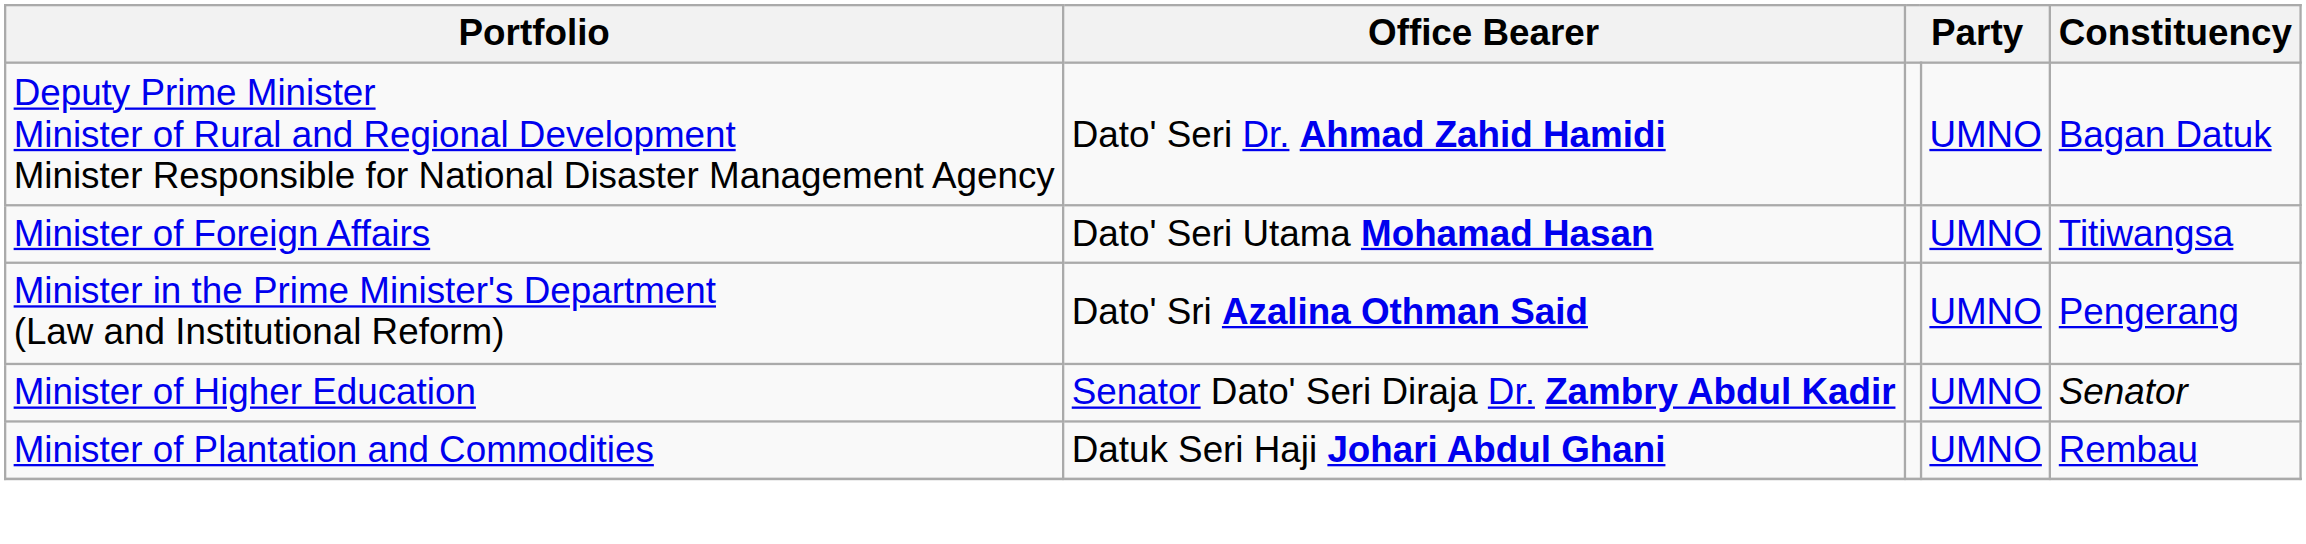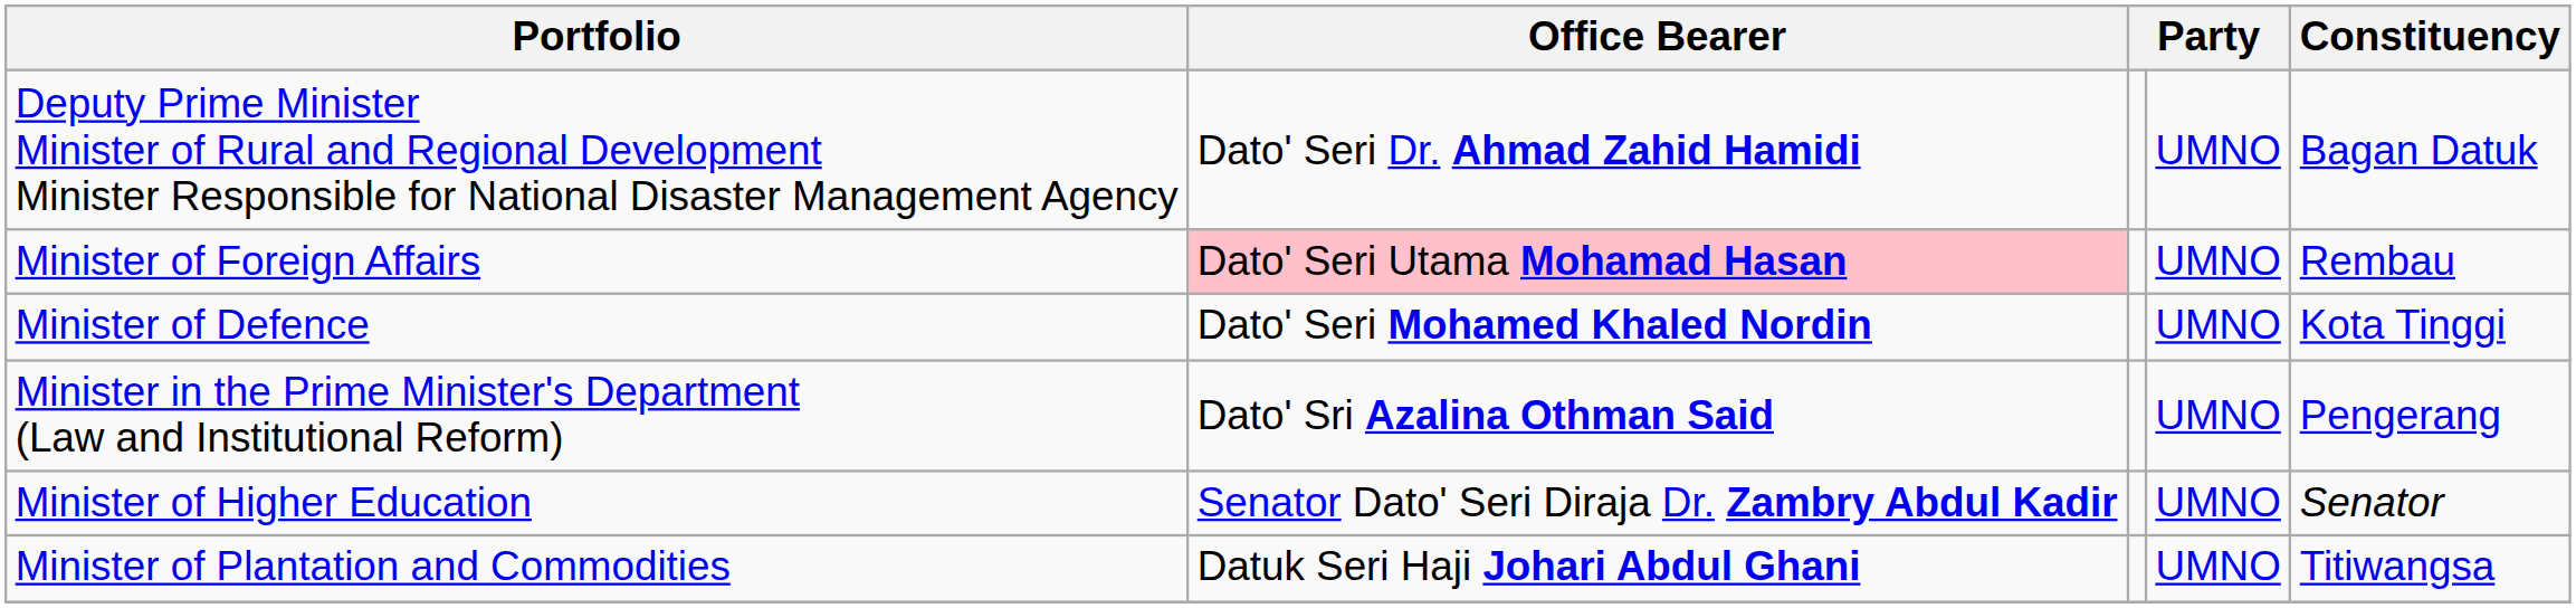 <table class="sortable wikitable">
 <tr>
 <th>Portfolio</th>
 <th>Office Bearer</th>
 <th colspan="2">Party</th>
 <th>Constituency</th>
 </tr>
 <tr>
 <td><a href='#'>Deputy Prime Minister</a> <br> <a href='#'>Minister of Rural and Regional Development</a> <br> Minister Responsible for National Disaster Management Agency</td>
 <td>Dato' Seri <a href='#'>Dr.</a> <strong><a href='#'>Ahmad Zahid Hamidi</a></strong> </td>
 <td></td>
 <td><a href='#'>UMNO</a></td>
 <td><a href='#'>Bagan Datuk</a></td>
 </tr>
 <tr>
 <td><a href='#'>Minister of Foreign Affairs</a></td>
-<td>Dato' Seri Utama <strong><a href='#'>Mohamad Hasan</a></strong> </td>
+<td style="background: pink;">Dato' Seri Utama <strong><a href='#'>Mohamad Hasan</a></strong> </td>
 <td></td>
 <td><a href='#'>UMNO</a></td>
-<td><a href='#'>Titiwangsa</a></td>
+<td><a href='#'>Rembau</a></td>
+</tr>
+<tr>
+<td><a href='#'>Minister of Defence</a></td>
+<td>Dato' Seri <strong><a href='#'>Mohamed Khaled Nordin</a></strong> </td>
+<td></td>
+<td><a href='#'>UMNO</a></td>
+<td><a href='#'>Kota Tinggi</a></td>
 </tr>
 <tr>
 <td><a href='#'>Minister in the Prime Minister's Department</a><br>(Law and Institutional Reform)</td>
 <td>Dato' Sri <strong><a href='#'>Azalina Othman Said</a></strong> </td>
 <td></td>
 <td><a href='#'>UMNO</a></td>
 <td><a href='#'>Pengerang</a></td>
 </tr>
 <tr>
 <td><a href='#'>Minister of Higher Education</a></td>
 <td><a href='#'>Senator</a> Dato' Seri Diraja <a href='#'>Dr.</a> <strong><a href='#'>Zambry Abdul Kadir</a></strong></td>
 <td></td>
 <td><a href='#'>UMNO</a></td>
 <td><em>Senator</em></td>
 </tr>
 <tr>
 <td><a href='#'>Minister of Plantation and Commodities</a></td>
 <td>Datuk Seri Haji <strong><a href='#'>Johari Abdul Ghani</a></strong> </td>
 <td></td>
 <td><a href='#'>UMNO</a></td>
-<td><a href='#'>Rembau</a></td>
+<td><a href='#'>Titiwangsa</a></td>
 </tr>
 <tr>
 </tr>
 </table>
